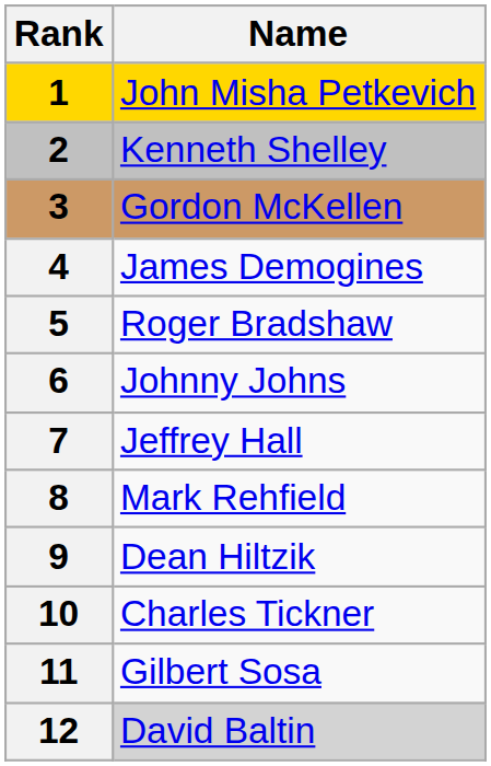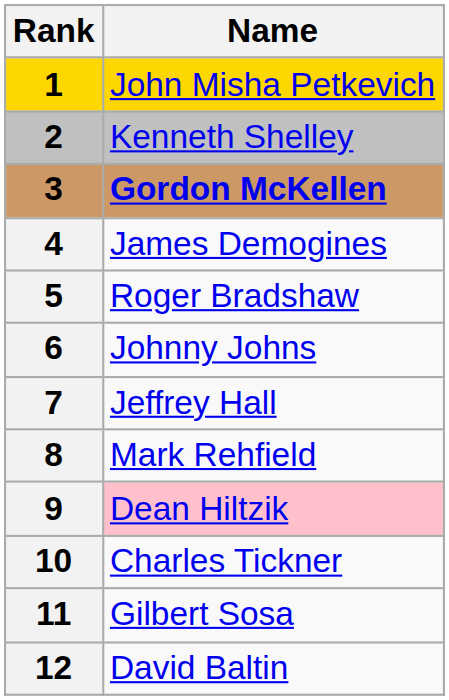 <table class="wikitable">
 <tr>
 <th>Rank</th>
 <th>Name</th>
 </tr>
 <tr bgcolor="gold">
 <td align="center"><strong>1</strong></td>
 <td><a href='#'>John Misha Petkevich</a></td>
 </tr>
 <tr bgcolor="silver">
 <td align="center"><strong>2</strong></td>
 <td><a href='#'>Kenneth Shelley</a></td>
 </tr>
 <tr bgcolor="cc9966">
 <td align="center"><strong>3</strong></td>
-<td><a href='#'>Gordon McKellen</a></td>
+<td><strong><a href='#'>Gordon McKellen</a></strong></td>
 </tr>
 <tr>
 <th>4</th>
 <td><a href='#'>James Demogines</a></td>
 </tr>
 <tr>
 <th>5</th>
 <td><a href='#'>Roger Bradshaw</a></td>
 </tr>
 <tr>
 <th>6</th>
 <td><a href='#'>Johnny Johns</a></td>
 </tr>
 <tr>
 <th>7</th>
 <td><a href='#'>Jeffrey Hall</a></td>
 </tr>
 <tr>
 <th>8</th>
 <td><a href='#'>Mark Rehfield</a></td>
 </tr>
 <tr>
 <th>9</th>
-<td><a href='#'>Dean Hiltzik</a></td>
+<td style="background: pink;"><a href='#'>Dean Hiltzik</a></td>
 </tr>
 <tr>
 <th>10</th>
 <td><a href='#'>Charles Tickner</a></td>
 </tr>
 <tr>
 <th>11</th>
 <td><a href='#'>Gilbert Sosa</a></td>
 </tr>
 <tr>
 <th>12</th>
-<td style="background: lightgrey;"><a href='#'>David Baltin</a></td>
+<td><a href='#'>David Baltin</a></td>
 </tr>
 </table>
